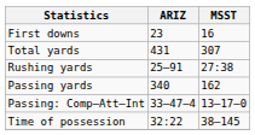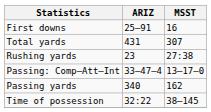 <table class="wikitable" style="float: left;">
 <tr>
 <th>Statistics</th>
 <th>ARIZ</th>
 <th>MSST</th>
 </tr>
 <tr>
 <td>First downs</td>
-<td>23</td>
+<td>25–91</td>
 <td>16</td>
 </tr>
 <tr>
 <td>Total yards</td>
 <td>431</td>
 <td>307</td>
 </tr>
 <tr>
 <td>Rushing yards</td>
-<td>25–91</td>
+<td>23</td>
 <td>27:38</td>
+</tr>
+<tr>
+<td>Passing: Comp–Att–Int</td>
+<td>33–47–4</td>
+<td>13–17–0</td>
 </tr>
 <tr>
 <td>Passing yards</td>
 <td>340</td>
 <td>162</td>
-</tr>
-<tr>
-<td>Passing: Comp–Att–Int</td>
-<td>33–47–4</td>
-<td>13–17–0</td>
 </tr>
 <tr>
 <td>Time of possession</td>
 <td>32:22</td>
 <td>38–145</td>
 </tr>
 <tr>
 </tr>
 </table>
